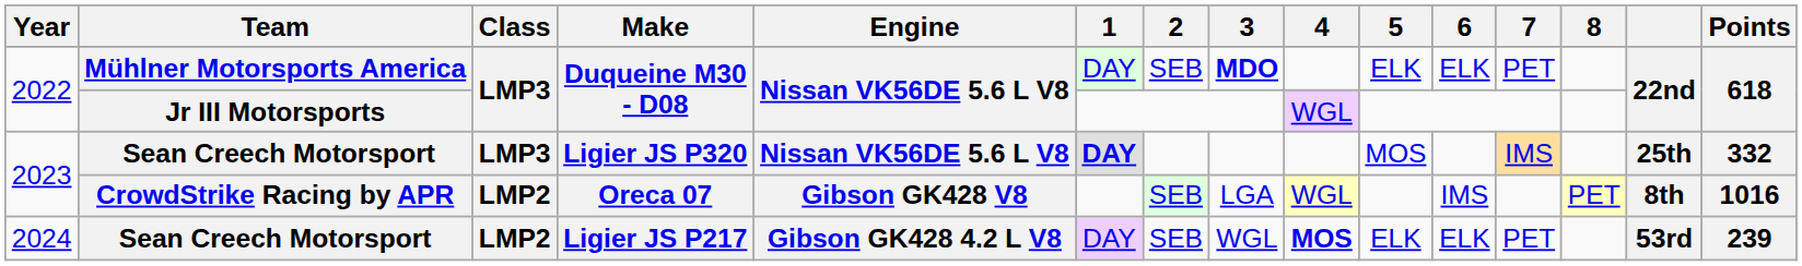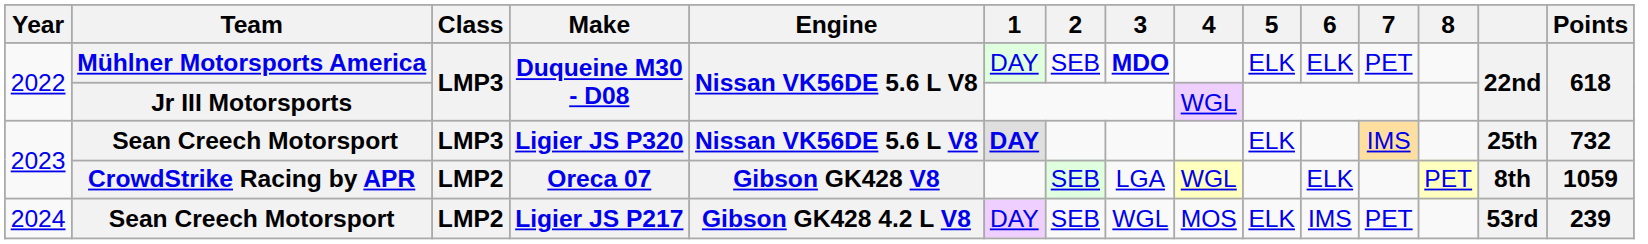 <table class="wikitable" style="text-align:center; font-size:85%">
 <tr>
 <th>Year</th>
 <th>Team</th>
 <th>Class</th>
 <th>Make</th>
 <th>Engine</th>
 <th>1</th>
 <th>2</th>
 <th>3</th>
 <th>4</th>
 <th>5</th>
 <th>6</th>
 <th>7</th>
 <th>8</th>
 <th></th>
 <th>Points</th>
 </tr>
 <tr>
 <td rowspan=2><a href='#'>2022</a></td>
 <th nowrap><a href='#'>Mühlner Motorsports America</a></th>
 <th rowspan=2>LMP3</th>
 <th rowspan=2nowrap><a href='#'>Duqueine M30 - D08</a></th>
 <th rowspan=2nowrap><a href='#'>Nissan VK56DE</a> 5.6 L V8</th>
 <td style="background:#DFFFDF;"><a href='#'>DAY</a><br></td>
 <td><a href='#'>SEB</a></td>
 <td><strong><a href='#'>MDO</a></strong></td>
 <td></td>
 <td><a href='#'>ELK</a></td>
 <td><a href='#'>ELK</a></td>
 <td><a href='#'>PET</a></td>
 <td></td>
 <th rowspan=2>22nd</th>
 <th rowspan=2>618</th>
 </tr>
 <tr>
 <th nowrap>Jr III Motorsports</th>
 <td colspan=3></td>
 <td style="background:#EFCFFF;"><a href='#'>WGL</a><br></td>
 <td colspan=3></td>
 </tr>
 <tr>
 <td rowspan=2><a href='#'>2023</a></td>
 <th nowrap> Sean Creech Motorsport</th>
 <th>LMP3</th>
 <th nowrap><a href='#'>Ligier JS P320</a></th>
 <th nowrap><a href='#'>Nissan VK56DE</a> 5.6 L <a href='#'>V8</a></th>
 <td style="background:#DFDFDF;"><strong><a href='#'>DAY</a><br></strong></td>
 <td></td>
 <td></td>
 <td></td>
-<td><a href='#'>MOS</a></td>
+<td><a href='#'>ELK</a></td>
 <td></td>
 <td style="background:#FFDF9F;”"><a href='#'>IMS</a><br></td>
 <td></td>
 <th>25th</th>
-<th>332</th>
+<th>732</th>
 </tr>
 <tr>
 <th nowrap><a href='#'>CrowdStrike</a> Racing by <a href='#'>APR</a></th>
 <th>LMP2</th>
 <th nowrap><a href='#'>Oreca 07</a></th>
 <th nowrap><a href='#'>Gibson</a> GK428 <a href='#'>V8</a></th>
 <td></td>
 <td style="background:#DFFFDF;"><a href='#'>SEB</a><br></td>
 <td><a href='#'>LGA</a></td>
 <td style="background:#FFFFBF;"><a href='#'>WGL</a><br></td>
 <td></td>
-<td><a href='#'>IMS</a></td>
+<td><a href='#'>ELK</a></td>
 <td></td>
 <td style="background:#FFFFBF;"><a href='#'>PET</a><br></td>
 <th>8th</th>
-<th>1016</th>
+<th>1059</th>
 </tr>
 <tr>
 <td><a href='#'>2024</a></td>
 <th nowrap>Sean Creech Motorsport</th>
 <th>LMP2</th>
 <th nowrap><a href='#'>Ligier JS P217</a></th>
 <th nowrap><a href='#'>Gibson</a> GK428 4.2 L <a href='#'>V8</a></th>
 <td style="background:#EFCFFF;"><a href='#'>DAY</a><br></td>
 <td><a href='#'>SEB</a></td>
 <td><a href='#'>WGL</a></td>
-<td><strong><a href='#'>MOS</a></strong></td>
+<td><a href='#'>MOS</a></td>
 <td><a href='#'>ELK</a></td>
-<td><a href='#'>ELK</a></td>
+<td><a href='#'>IMS</a></td>
 <td><a href='#'>PET</a></td>
 <td></td>
 <th>53rd</th>
 <th>239</th>
 </tr>
 </table>
